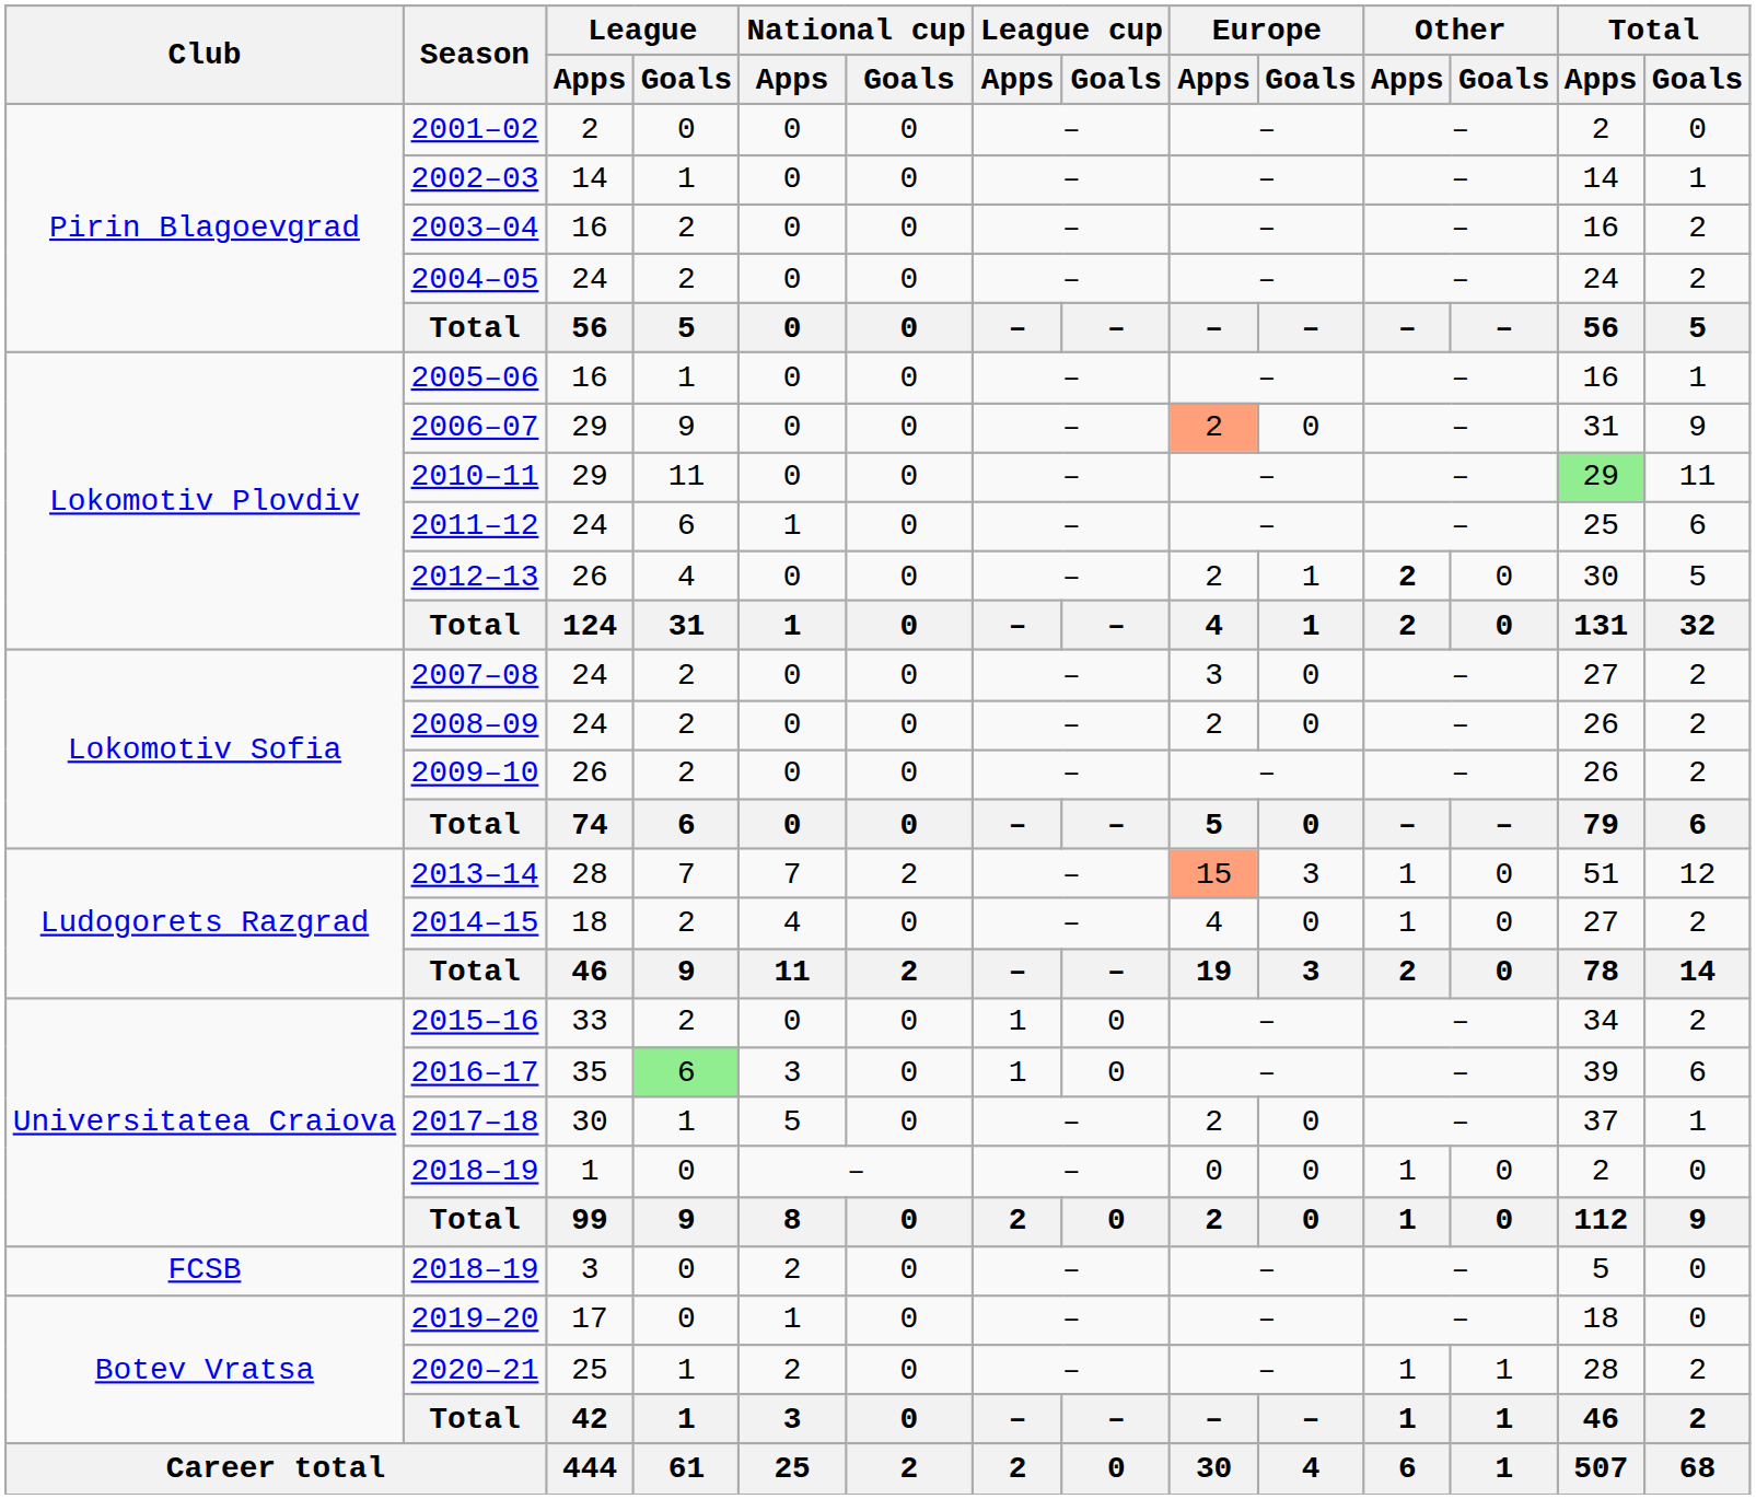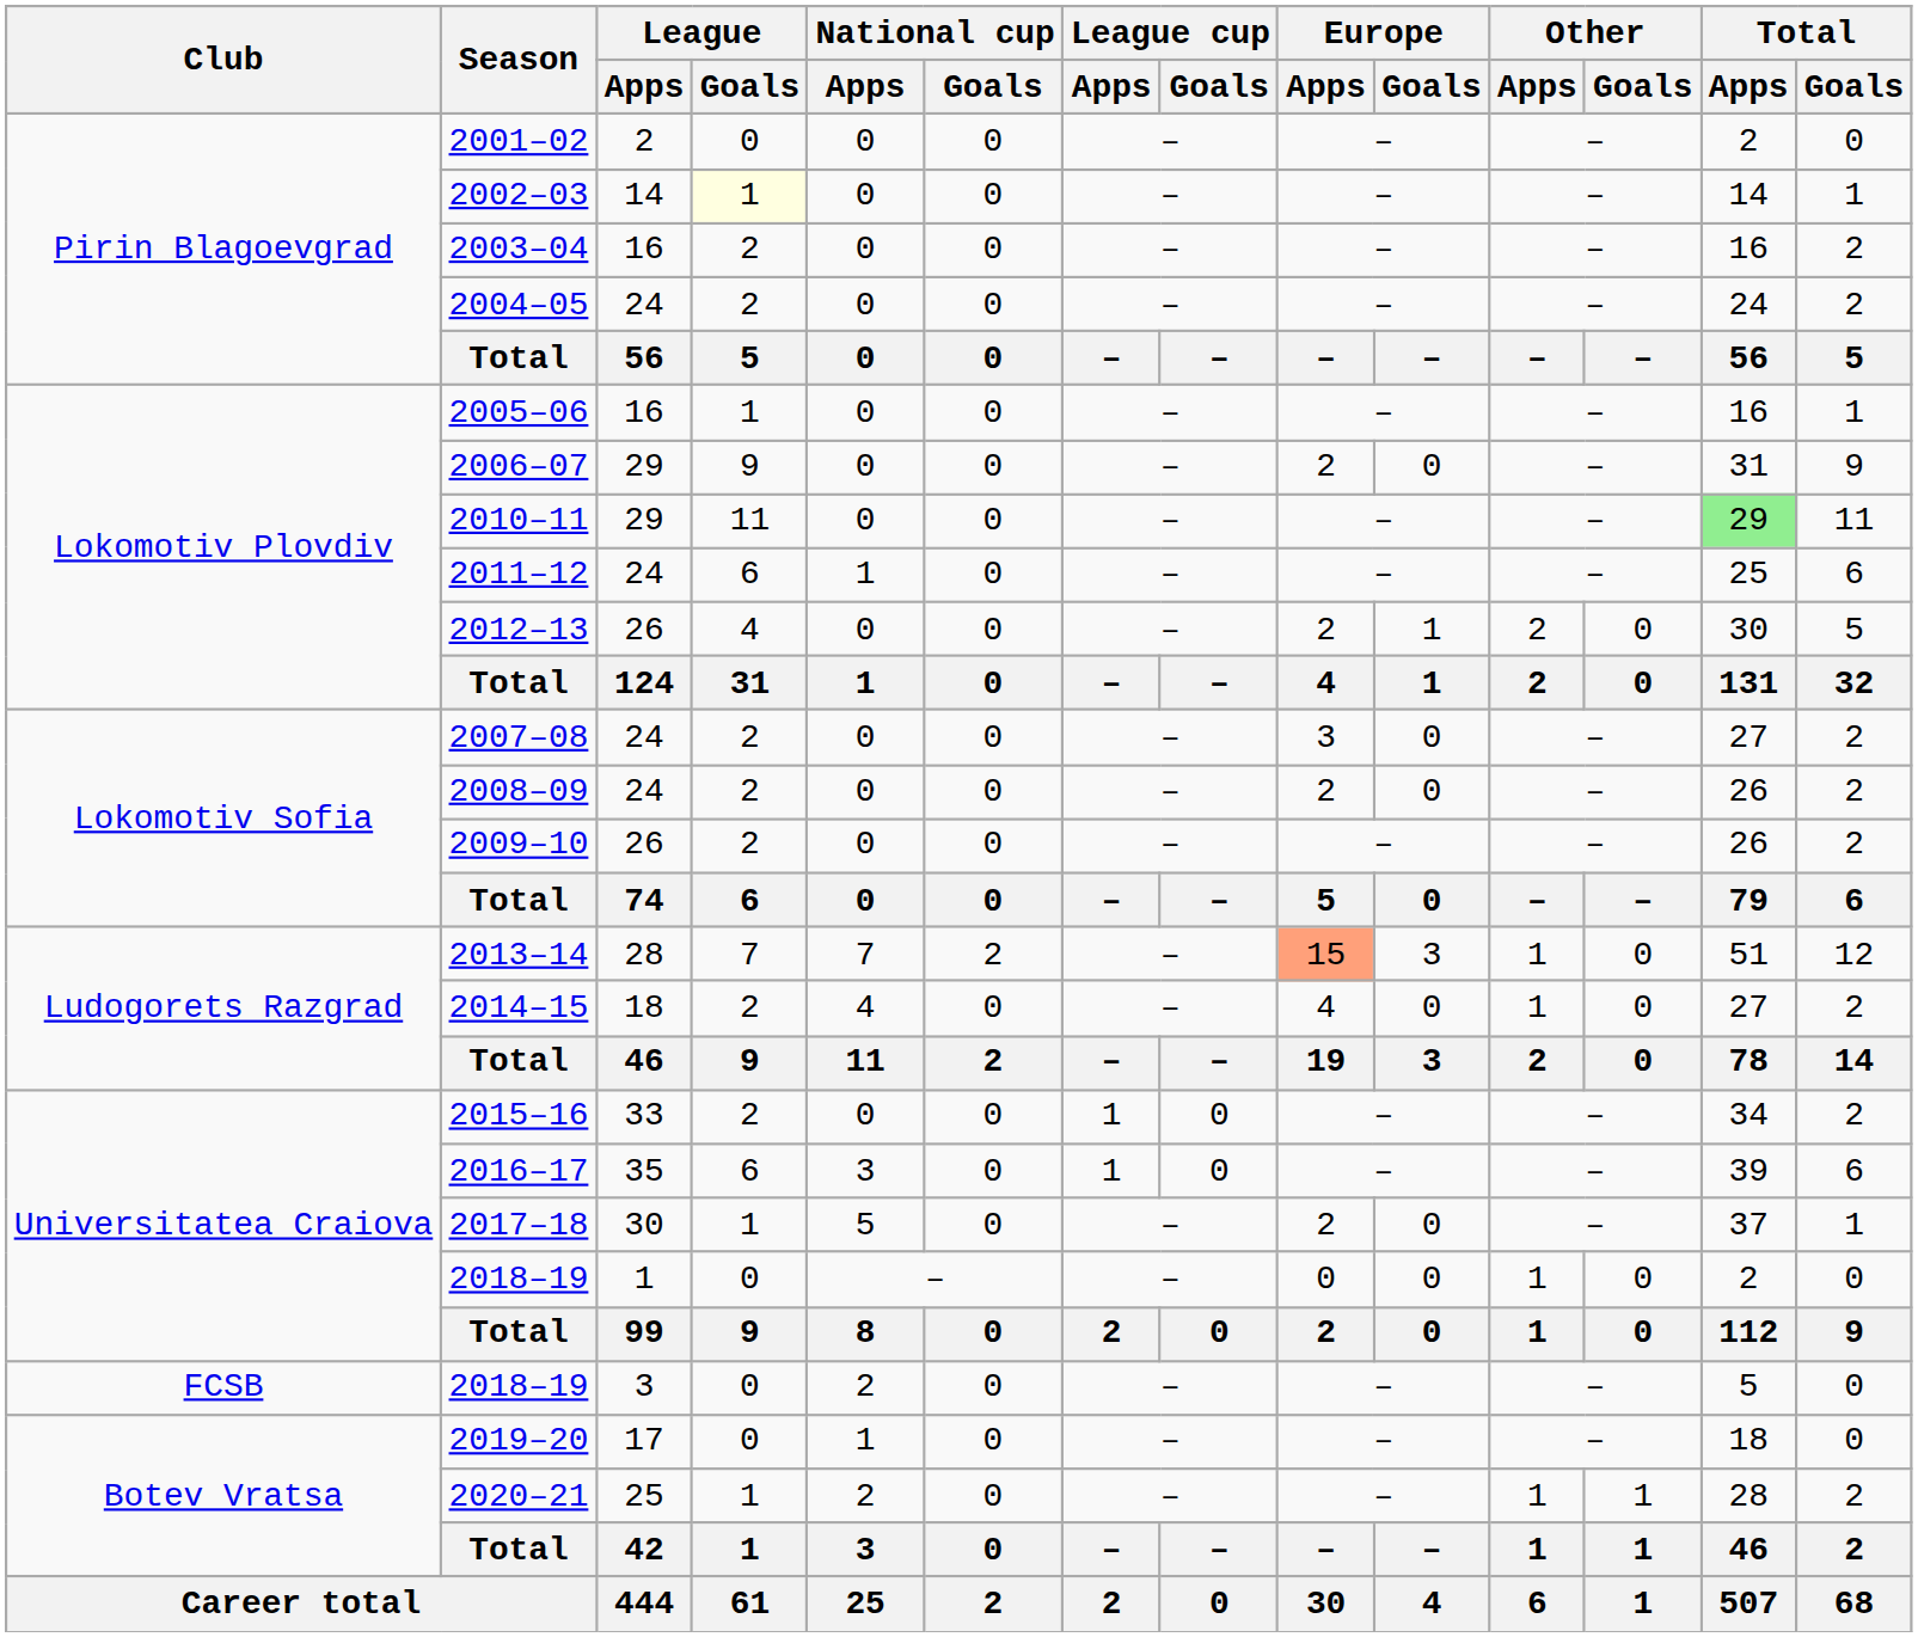 <table class="wikitable" style="text-align:center">
 <tr>
 <th rowspan="2">Club</th>
 <th rowspan="2">Season</th>
 <th colspan="2">League</th>
 <th colspan="2">National cup</th>
 <th colspan="2">League cup</th>
 <th colspan="2">Europe</th>
 <th colspan="2">Other</th>
 <th colspan="3">Total</th>
 </tr>
 <tr>
 <th>Apps</th>
 <th>Goals</th>
 <th>Apps</th>
 <th>Goals</th>
 <th>Apps</th>
 <th>Goals</th>
 <th>Apps</th>
 <th>Goals</th>
 <th>Apps</th>
 <th>Goals</th>
 <th>Apps</th>
 <th>Goals</th>
 </tr>
 <tr>
 <td rowspan="5"><a href='#'>Pirin Blagoevgrad</a></td>
 <td><a href='#'>2001–02</a></td>
 <td>2</td>
 <td>0</td>
 <td>0</td>
 <td>0</td>
 <td colspan="2">–</td>
 <td colspan="2">–</td>
 <td colspan="2">–</td>
 <td>2</td>
 <td>0</td>
 </tr>
 <tr>
 <td><a href='#'>2002–03</a></td>
 <td>14</td>
-<td>1</td>
+<td style="background: lightyellow;">1</td>
 <td>0</td>
 <td>0</td>
 <td colspan="2">–</td>
 <td colspan="2">–</td>
 <td colspan="2">–</td>
 <td>14</td>
 <td>1</td>
 </tr>
 <tr>
 <td><a href='#'>2003–04</a></td>
 <td>16</td>
 <td>2</td>
 <td>0</td>
 <td>0</td>
 <td colspan="2">–</td>
 <td colspan="2">–</td>
 <td colspan="2">–</td>
 <td>16</td>
 <td>2</td>
 </tr>
 <tr>
 <td><a href='#'>2004–05</a></td>
 <td>24</td>
 <td>2</td>
 <td>0</td>
 <td>0</td>
 <td colspan="2">–</td>
 <td colspan="2">–</td>
 <td colspan="2">–</td>
 <td>24</td>
 <td>2</td>
 </tr>
 <tr>
 <th colspan="1">Total</th>
 <th>56</th>
 <th>5</th>
 <th>0</th>
 <th>0</th>
 <th>–</th>
 <th>–</th>
 <th>–</th>
 <th>–</th>
 <th>–</th>
 <th>–</th>
 <th>56</th>
 <th>5</th>
 </tr>
 <tr>
 <td rowspan="6"><a href='#'>Lokomotiv Plovdiv</a></td>
 <td><a href='#'>2005–06</a></td>
 <td>16</td>
 <td>1</td>
 <td>0</td>
 <td>0</td>
 <td colspan="2">–</td>
 <td colspan="2">–</td>
 <td colspan="2">–</td>
 <td>16</td>
 <td>1</td>
 </tr>
 <tr>
 <td><a href='#'>2006–07</a></td>
 <td>29</td>
 <td>9</td>
 <td>0</td>
 <td>0</td>
 <td colspan="2">–</td>
-<td style="background: lightsalmon;">2</td>
+<td>2</td>
 <td>0</td>
 <td colspan="2">–</td>
 <td>31</td>
 <td>9</td>
 </tr>
 <tr>
 <td><a href='#'>2010–11</a></td>
 <td>29</td>
 <td>11</td>
 <td>0</td>
 <td>0</td>
 <td colspan="2">–</td>
 <td colspan="2">–</td>
 <td colspan="2">–</td>
 <td style="background: lightgreen;">29</td>
 <td>11</td>
 </tr>
 <tr>
 <td><a href='#'>2011–12</a></td>
 <td>24</td>
 <td>6</td>
 <td>1</td>
 <td>0</td>
 <td colspan="2">–</td>
 <td colspan="2">–</td>
 <td colspan="2">–</td>
 <td>25</td>
 <td>6</td>
 </tr>
 <tr>
 <td><a href='#'>2012–13</a></td>
 <td>26</td>
 <td>4</td>
 <td>0</td>
 <td>0</td>
 <td colspan="2">–</td>
 <td>2</td>
 <td>1</td>
-<td><strong>2</strong></td>
+<td>2</td>
 <td>0</td>
 <td>30</td>
 <td>5</td>
 </tr>
 <tr>
 <th colspan="1">Total</th>
 <th>124</th>
 <th>31</th>
 <th>1</th>
 <th>0</th>
 <th>–</th>
 <th>–</th>
 <th>4</th>
 <th>1</th>
 <th>2</th>
 <th>0</th>
 <th>131</th>
 <th>32</th>
 </tr>
 <tr>
 <td rowspan="4"><a href='#'>Lokomotiv Sofia</a></td>
 <td><a href='#'>2007–08</a></td>
 <td>24</td>
 <td>2</td>
 <td>0</td>
 <td>0</td>
 <td colspan="2">–</td>
 <td>3</td>
 <td>0</td>
 <td colspan="2">–</td>
 <td>27</td>
 <td>2</td>
 </tr>
 <tr>
 <td><a href='#'>2008–09</a></td>
 <td>24</td>
 <td>2</td>
 <td>0</td>
 <td>0</td>
 <td colspan="2">–</td>
 <td>2</td>
 <td>0</td>
 <td colspan="2">–</td>
 <td>26</td>
 <td>2</td>
 </tr>
 <tr>
 <td><a href='#'>2009–10</a></td>
 <td>26</td>
 <td>2</td>
 <td>0</td>
 <td>0</td>
 <td colspan="2">–</td>
 <td colspan="2">–</td>
 <td colspan="2">–</td>
 <td>26</td>
 <td>2</td>
 </tr>
 <tr>
 <th colspan="1">Total</th>
 <th>74</th>
 <th>6</th>
 <th>0</th>
 <th>0</th>
 <th>–</th>
 <th>–</th>
 <th>5</th>
 <th>0</th>
 <th>–</th>
 <th>–</th>
 <th>79</th>
 <th>6</th>
 </tr>
 <tr>
 <td rowspan="3"><a href='#'>Ludogorets Razgrad</a></td>
 <td><a href='#'>2013–14</a></td>
 <td>28</td>
 <td>7</td>
 <td>7</td>
 <td>2</td>
 <td colspan="2">–</td>
 <td style="background: lightsalmon;">15</td>
 <td>3</td>
 <td>1</td>
 <td>0</td>
 <td>51</td>
 <td>12</td>
 </tr>
 <tr>
 <td><a href='#'>2014–15</a></td>
 <td>18</td>
 <td>2</td>
 <td>4</td>
 <td>0</td>
 <td colspan="2">–</td>
 <td>4</td>
 <td>0</td>
 <td>1</td>
 <td>0</td>
 <td>27</td>
 <td>2</td>
 </tr>
 <tr>
 <th colspan="1">Total</th>
 <th>46</th>
 <th>9</th>
 <th>11</th>
 <th>2</th>
 <th>–</th>
 <th>–</th>
 <th>19</th>
 <th>3</th>
 <th>2</th>
 <th>0</th>
 <th>78</th>
 <th>14</th>
 </tr>
 <tr>
 <td rowspan="5"><a href='#'>Universitatea Craiova</a></td>
 <td><a href='#'>2015–16</a></td>
 <td>33</td>
 <td>2</td>
 <td>0</td>
 <td>0</td>
 <td>1</td>
 <td>0</td>
 <td colspan="2">–</td>
 <td colspan="2">–</td>
 <td>34</td>
 <td>2</td>
 </tr>
 <tr>
 <td><a href='#'>2016–17</a></td>
 <td>35</td>
-<td style="background: lightgreen;">6</td>
+<td>6</td>
 <td>3</td>
 <td>0</td>
 <td>1</td>
 <td>0</td>
 <td colspan="2">–</td>
 <td colspan="2">–</td>
 <td>39</td>
 <td>6</td>
 </tr>
 <tr>
 <td><a href='#'>2017–18</a></td>
 <td>30</td>
 <td>1</td>
 <td>5</td>
 <td>0</td>
 <td colspan="2">–</td>
 <td>2</td>
 <td>0</td>
 <td colspan="2">–</td>
 <td>37</td>
 <td>1</td>
 </tr>
 <tr>
 <td><a href='#'>2018–19</a></td>
 <td>1</td>
 <td>0</td>
 <td colspan="2">–</td>
 <td colspan="2">–</td>
 <td>0</td>
 <td>0</td>
 <td>1</td>
 <td>0</td>
 <td>2</td>
 <td>0</td>
 </tr>
 <tr>
 <th colspan="1">Total</th>
 <th>99</th>
 <th>9</th>
 <th>8</th>
 <th>0</th>
 <th>2</th>
 <th>0</th>
 <th>2</th>
 <th>0</th>
 <th>1</th>
 <th>0</th>
 <th>112</th>
 <th>9</th>
 </tr>
 <tr>
 <td><a href='#'>FCSB</a></td>
 <td><a href='#'>2018–19</a></td>
 <td>3</td>
 <td>0</td>
 <td>2</td>
 <td>0</td>
 <td colspan="2">–</td>
 <td colspan="2">–</td>
 <td colspan="2">–</td>
 <td>5</td>
 <td>0</td>
 </tr>
 <tr>
 <td rowspan="3"><a href='#'>Botev Vratsa</a></td>
 <td><a href='#'>2019–20</a></td>
 <td>17</td>
 <td>0</td>
 <td>1</td>
 <td>0</td>
 <td colspan="2">–</td>
 <td colspan="2">–</td>
 <td colspan="2">–</td>
 <td>18</td>
 <td>0</td>
 </tr>
 <tr>
 <td><a href='#'>2020–21</a></td>
 <td>25</td>
 <td>1</td>
 <td>2</td>
 <td>0</td>
 <td colspan="2">–</td>
 <td colspan="2">–</td>
 <td>1</td>
 <td>1</td>
 <td>28</td>
 <td>2</td>
 </tr>
 <tr>
 <th colspan="1">Total</th>
 <th>42</th>
 <th>1</th>
 <th>3</th>
 <th>0</th>
 <th>–</th>
 <th>–</th>
 <th>–</th>
 <th>–</th>
 <th>1</th>
 <th>1</th>
 <th>46</th>
 <th>2</th>
 </tr>
 <tr>
 <th colspan="2">Career total</th>
 <th>444</th>
 <th>61</th>
 <th>25</th>
 <th>2</th>
 <th>2</th>
 <th>0</th>
 <th>30</th>
 <th>4</th>
 <th>6</th>
 <th>1</th>
 <th>507</th>
 <th>68</th>
 </tr>
 </table>
